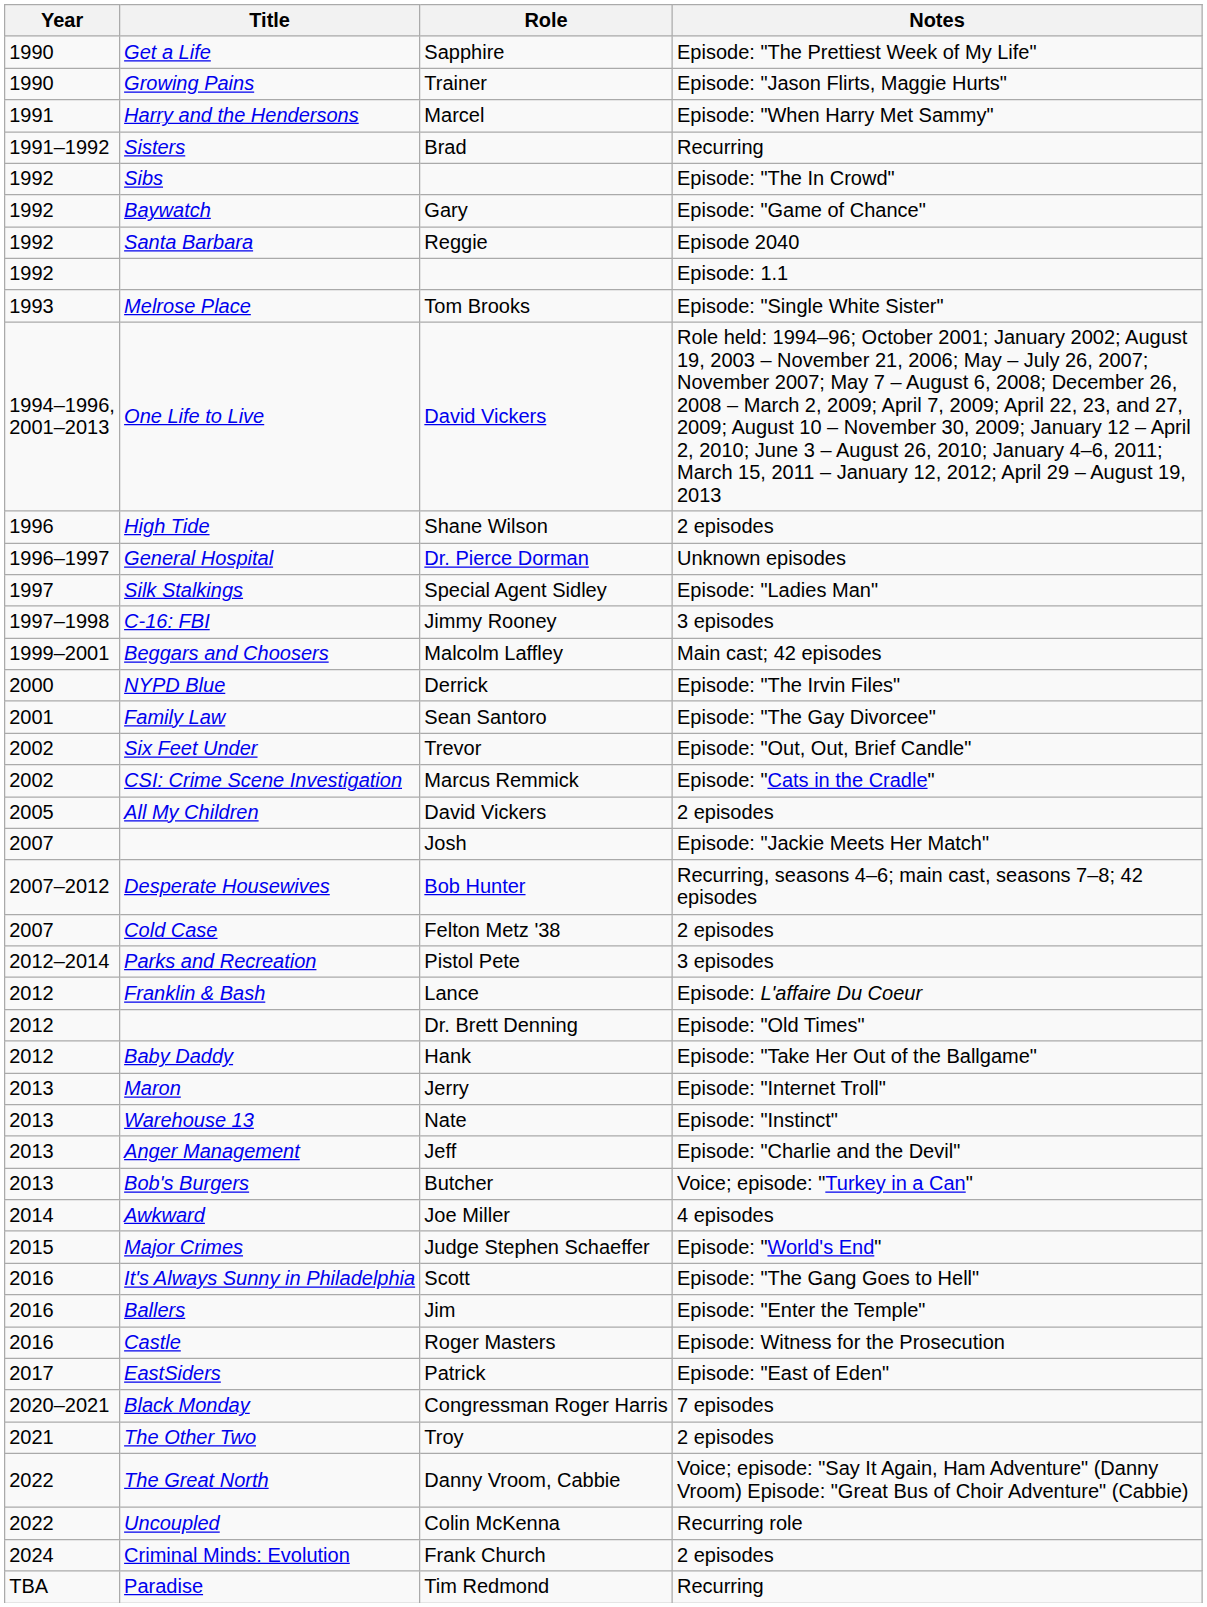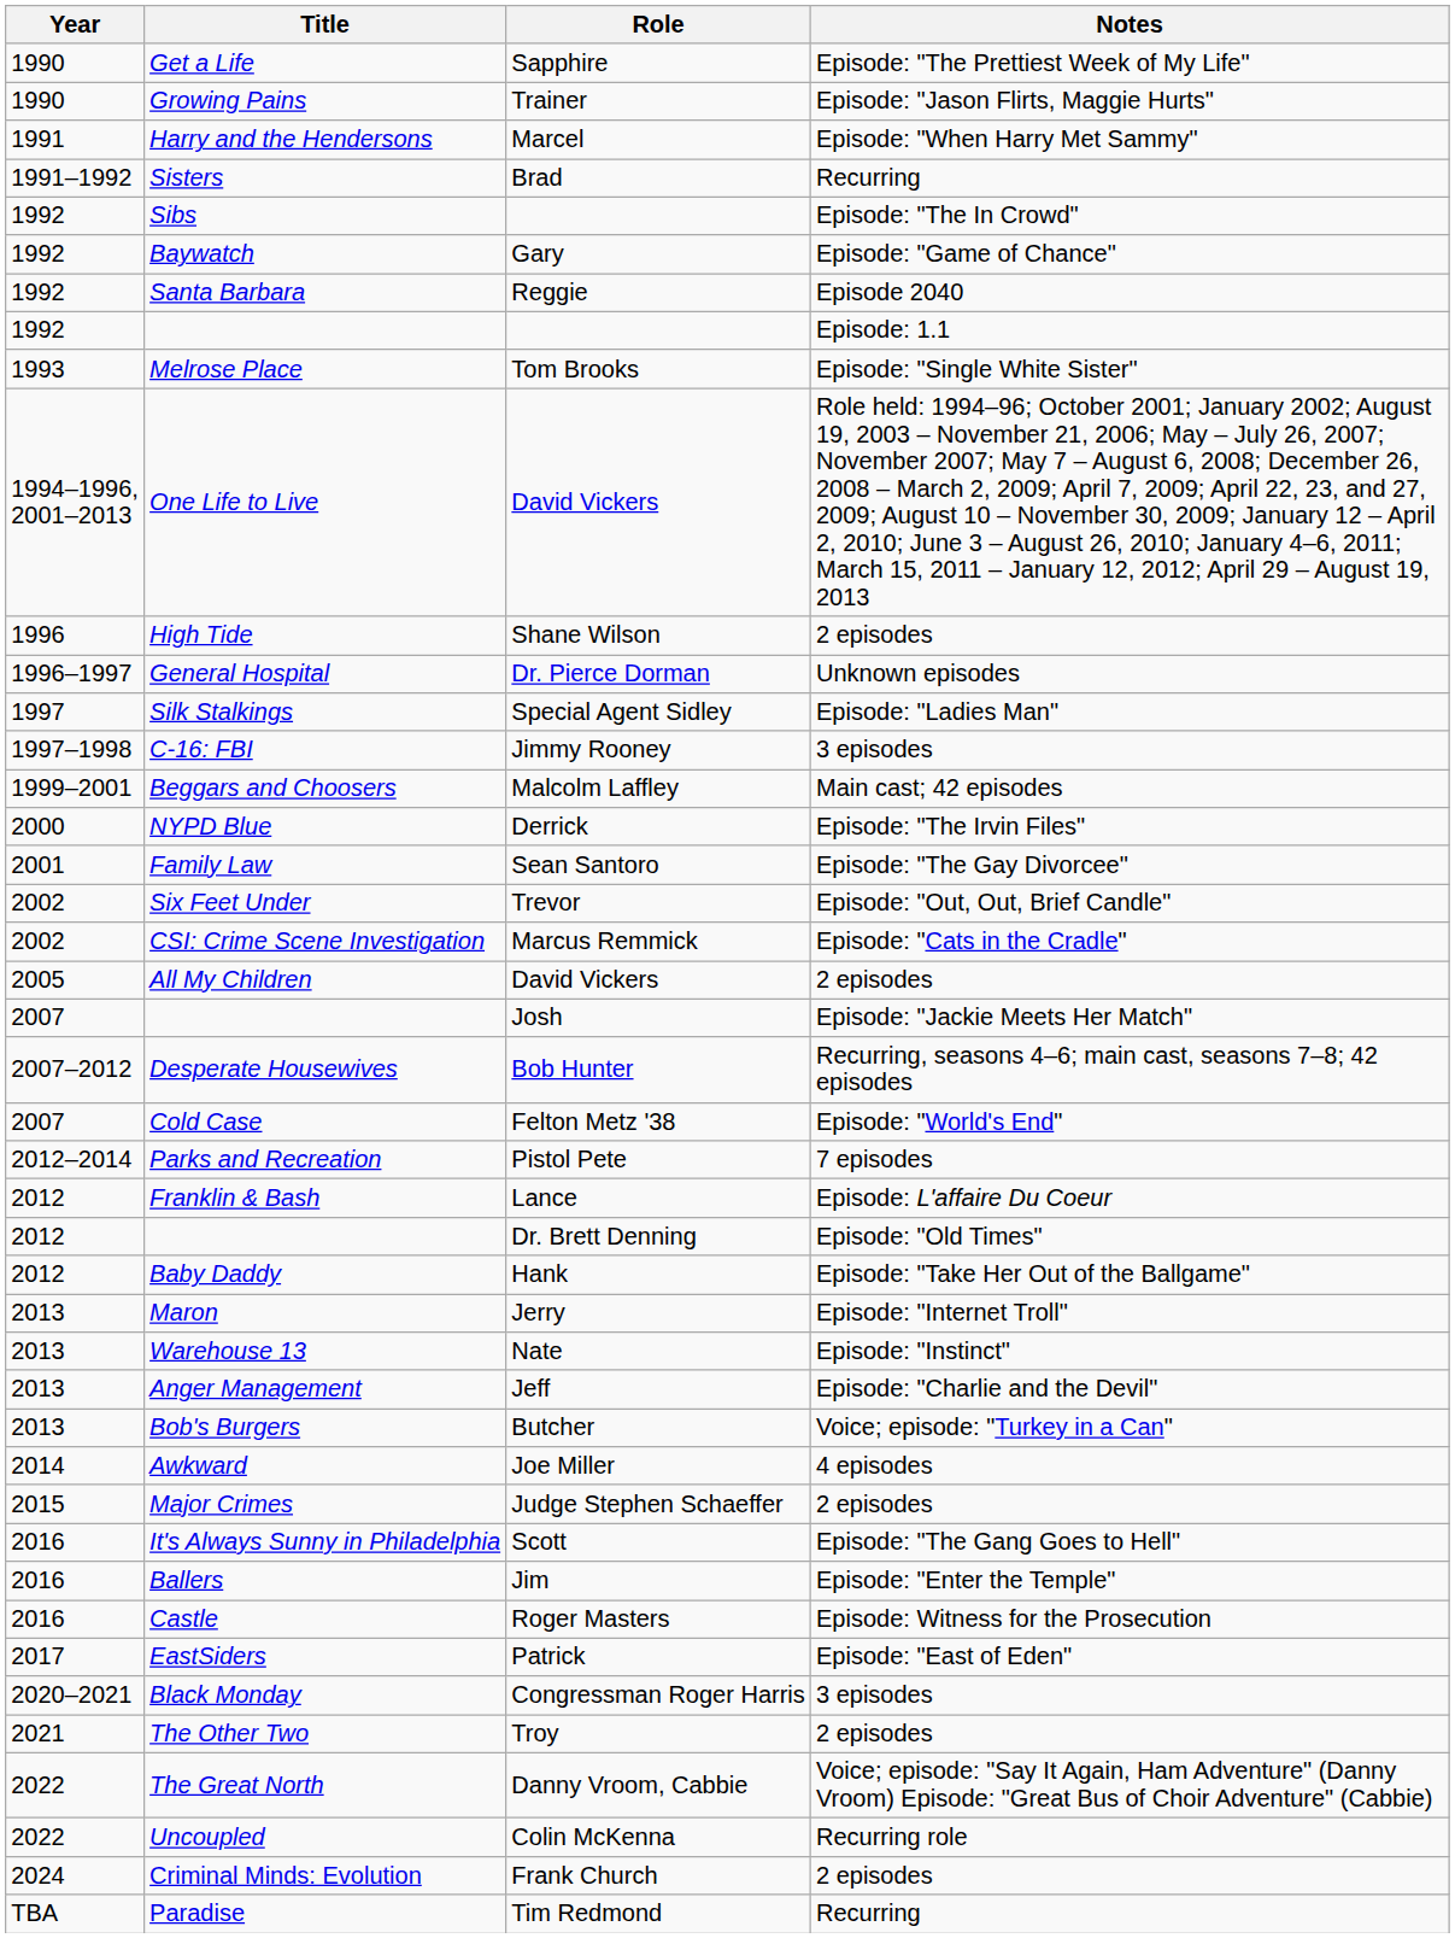 <table class="wikitable sortable">
 <tr>
 <th>Year</th>
 <th>Title</th>
 <th>Role</th>
 <th class="unsortable" style="width:26em;">Notes</th>
 </tr>
 <tr>
 <td>1990</td>
 <td><em><a href='#'>Get a Life</a></em></td>
 <td>Sapphire</td>
 <td>Episode: "The Prettiest Week of My Life"</td>
 </tr>
 <tr>
 <td>1990</td>
 <td><em><a href='#'>Growing Pains</a></em></td>
 <td>Trainer</td>
 <td>Episode: "Jason Flirts, Maggie Hurts"</td>
 </tr>
 <tr>
 <td>1991</td>
 <td><em><a href='#'>Harry and the Hendersons</a></em></td>
 <td>Marcel</td>
 <td>Episode: "When Harry Met Sammy"</td>
 </tr>
 <tr>
 <td>1991–1992</td>
 <td><em><a href='#'>Sisters</a></em></td>
 <td>Brad</td>
 <td>Recurring</td>
 </tr>
 <tr>
 <td>1992</td>
 <td><em><a href='#'>Sibs</a></em></td>
 <td></td>
 <td>Episode: "The In Crowd"</td>
 </tr>
 <tr>
 <td>1992</td>
 <td><em><a href='#'>Baywatch</a></em></td>
 <td>Gary</td>
 <td>Episode: "Game of Chance"</td>
 </tr>
 <tr>
 <td>1992</td>
 <td><em><a href='#'>Santa Barbara</a></em></td>
 <td>Reggie</td>
 <td>Episode 2040</td>
 </tr>
 <tr>
 <td>1992</td>
 <td><em></em></td>
 <td></td>
 <td>Episode: 1.1</td>
 </tr>
 <tr>
 <td>1993</td>
 <td><em><a href='#'>Melrose Place</a></em></td>
 <td>Tom Brooks</td>
 <td>Episode: "Single White Sister"</td>
 </tr>
 <tr>
 <td>1994–1996,<br>2001–2013</td>
 <td><em><a href='#'>One Life to Live</a></em></td>
 <td><a href='#'>David Vickers</a></td>
 <td>Role held: 1994–96; October 2001; January 2002; August 19, 2003 – November 21, 2006; May – July 26, 2007; November 2007; May 7 – August 6, 2008; December 26, 2008 – March 2, 2009; April 7, 2009; April 22, 23, and 27, 2009; August 10 – November 30, 2009; January 12 – April 2, 2010; June 3 – August 26, 2010; January 4–6, 2011; March 15, 2011 – January 12, 2012; April 29 – August 19, 2013</td>
 </tr>
 <tr>
 <td>1996</td>
 <td><em><a href='#'>High Tide</a></em></td>
 <td>Shane Wilson</td>
 <td>2 episodes</td>
 </tr>
 <tr>
 <td>1996–1997</td>
 <td><em><a href='#'>General Hospital</a></em></td>
 <td><a href='#'>Dr. Pierce Dorman</a></td>
 <td>Unknown episodes</td>
 </tr>
 <tr>
 <td>1997</td>
 <td><em><a href='#'>Silk Stalkings</a></em></td>
 <td>Special Agent Sidley</td>
 <td>Episode: "Ladies Man"</td>
 </tr>
 <tr>
 <td>1997–1998</td>
 <td><em><a href='#'>C-16: FBI</a></em></td>
 <td>Jimmy Rooney</td>
 <td>3 episodes</td>
 </tr>
 <tr>
 <td>1999–2001</td>
 <td><em><a href='#'>Beggars and Choosers</a></em></td>
 <td>Malcolm Laffley</td>
 <td>Main cast; 42 episodes</td>
 </tr>
 <tr>
 <td>2000</td>
 <td><em><a href='#'>NYPD Blue</a></em></td>
 <td>Derrick</td>
 <td>Episode: "The Irvin Files"</td>
 </tr>
 <tr>
 <td>2001</td>
 <td><em><a href='#'>Family Law</a></em></td>
 <td>Sean Santoro</td>
 <td>Episode: "The Gay Divorcee"</td>
 </tr>
 <tr>
 <td>2002</td>
 <td><em><a href='#'>Six Feet Under</a></em></td>
 <td>Trevor</td>
 <td>Episode: "Out, Out, Brief Candle"</td>
 </tr>
 <tr>
 <td>2002</td>
 <td><em><a href='#'>CSI: Crime Scene Investigation</a></em></td>
 <td>Marcus Remmick</td>
 <td>Episode: "<a href='#'>Cats in the Cradle</a>"</td>
 </tr>
 <tr>
 <td>2005</td>
 <td><em><a href='#'>All My Children</a></em></td>
 <td>David Vickers</td>
 <td>2 episodes</td>
 </tr>
 <tr>
 <td>2007</td>
 <td><em></em></td>
 <td>Josh</td>
 <td>Episode: "Jackie Meets Her Match"</td>
 </tr>
 <tr>
 <td>2007–2012</td>
 <td><em><a href='#'>Desperate Housewives</a></em></td>
 <td><a href='#'>Bob Hunter</a></td>
 <td>Recurring, seasons 4–6; main cast, seasons 7–8; 42 episodes</td>
 </tr>
 <tr>
 <td>2007</td>
 <td><em><a href='#'>Cold Case</a></em></td>
 <td>Felton Metz '38</td>
-<td>2 episodes</td>
+<td>Episode: "<a href='#'>World's End</a>"</td>
 </tr>
 <tr>
 <td>2012–2014</td>
 <td><em><a href='#'>Parks and Recreation</a></em></td>
 <td>Pistol Pete</td>
-<td>3 episodes</td>
+<td>7 episodes</td>
 </tr>
 <tr>
 <td>2012</td>
 <td><em><a href='#'>Franklin & Bash</a></em></td>
 <td>Lance</td>
 <td>Episode: <em>L'affaire Du Coeur</em></td>
 </tr>
 <tr>
 <td>2012</td>
 <td><em></em></td>
 <td>Dr. Brett Denning</td>
 <td>Episode: "Old Times"</td>
 </tr>
 <tr>
 <td>2012</td>
 <td><em><a href='#'>Baby Daddy</a></em></td>
 <td>Hank</td>
 <td>Episode: "Take Her Out of the Ballgame"</td>
 </tr>
 <tr>
 <td>2013</td>
 <td><em><a href='#'>Maron</a></em></td>
 <td>Jerry</td>
 <td>Episode: "Internet Troll"</td>
 </tr>
 <tr>
 <td>2013</td>
 <td><em><a href='#'>Warehouse 13</a></em></td>
 <td>Nate</td>
 <td>Episode: "Instinct"</td>
 </tr>
 <tr>
 <td>2013</td>
 <td><em><a href='#'>Anger Management</a></em></td>
 <td>Jeff</td>
 <td>Episode: "Charlie and the Devil"</td>
 </tr>
 <tr>
 <td>2013</td>
 <td><em><a href='#'>Bob's Burgers</a></em></td>
 <td>Butcher</td>
 <td>Voice; episode: "<a href='#'>Turkey in a Can</a>"</td>
 </tr>
 <tr>
 <td>2014</td>
 <td><em><a href='#'>Awkward</a></em></td>
 <td>Joe Miller</td>
 <td>4 episodes</td>
 </tr>
 <tr>
 <td>2015</td>
 <td><em><a href='#'>Major Crimes</a></em></td>
 <td>Judge Stephen Schaeffer</td>
-<td>Episode: "<a href='#'>World's End</a>"</td>
+<td>2 episodes</td>
 </tr>
 <tr>
 <td>2016</td>
 <td><em><a href='#'>It's Always Sunny in Philadelphia</a></em></td>
 <td>Scott</td>
 <td>Episode: "The Gang Goes to Hell"</td>
 </tr>
 <tr>
 <td>2016</td>
 <td><em><a href='#'>Ballers</a></em></td>
 <td>Jim</td>
 <td>Episode: "Enter the Temple"</td>
 </tr>
 <tr>
 <td>2016</td>
 <td><em><a href='#'>Castle</a></em></td>
 <td>Roger Masters</td>
 <td>Episode: Witness for the Prosecution</td>
 </tr>
 <tr>
 <td>2017</td>
 <td><em><a href='#'>EastSiders</a></em></td>
 <td>Patrick</td>
 <td>Episode: "East of Eden"</td>
 </tr>
 <tr>
 <td>2020–2021</td>
 <td><em><a href='#'>Black Monday</a></em></td>
 <td>Congressman Roger Harris</td>
-<td>7 episodes</td>
+<td>3 episodes</td>
 </tr>
 <tr>
 <td>2021</td>
 <td><em><a href='#'>The Other Two</a></em></td>
 <td>Troy</td>
 <td>2 episodes</td>
 </tr>
 <tr>
 <td>2022</td>
 <td><em><a href='#'>The Great North</a></em></td>
 <td>Danny Vroom, Cabbie</td>
 <td>Voice; episode: "Say It Again, Ham Adventure" (Danny Vroom) Episode: "Great Bus of Choir Adventure" (Cabbie)</td>
 </tr>
 <tr>
 <td>2022</td>
 <td><em><a href='#'>Uncoupled</a></em></td>
 <td>Colin McKenna</td>
 <td>Recurring role</td>
 </tr>
 <tr>
 <td>2024</td>
 <td><a href='#'>Criminal Minds: Evolution</a></td>
 <td>Frank Church</td>
 <td>2 episodes</td>
 </tr>
 <tr>
 <td>TBA</td>
 <td><a href='#'>Paradise</a></td>
 <td>Tim Redmond</td>
 <td>Recurring</td>
 </tr>
 </table>
